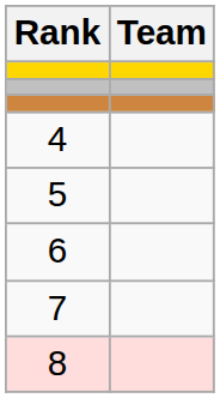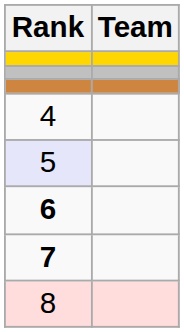 <table class="wikitable">
 <tr>
 <th>Rank</th>
 <th>Team</th>
 </tr>
 <tr style="background:gold;">
 <td align=center></td>
 <td></td>
 </tr>
 <tr style="background:silver;">
 <td align=center></td>
 <td></td>
 </tr>
 <tr style="background:peru;">
 <td align=center></td>
 <td></td>
 </tr>
 <tr>
 <td align=center>4</td>
 <td></td>
 </tr>
 <tr>
-<td align=center>5</td>
+<td align=center style="background: lavender;">5</td>
 <td></td>
 </tr>
 <tr>
-<td align=center>6</td>
+<td align=center><strong>6</strong></td>
 <td></td>
 </tr>
 <tr>
-<td align=center>7</td>
+<td align=center><strong>7</strong></td>
 <td></td>
 </tr>
 <tr style="background:#fdd;">
 <td align=center>8</td>
 <td> </td>
 </tr>
 </table>
